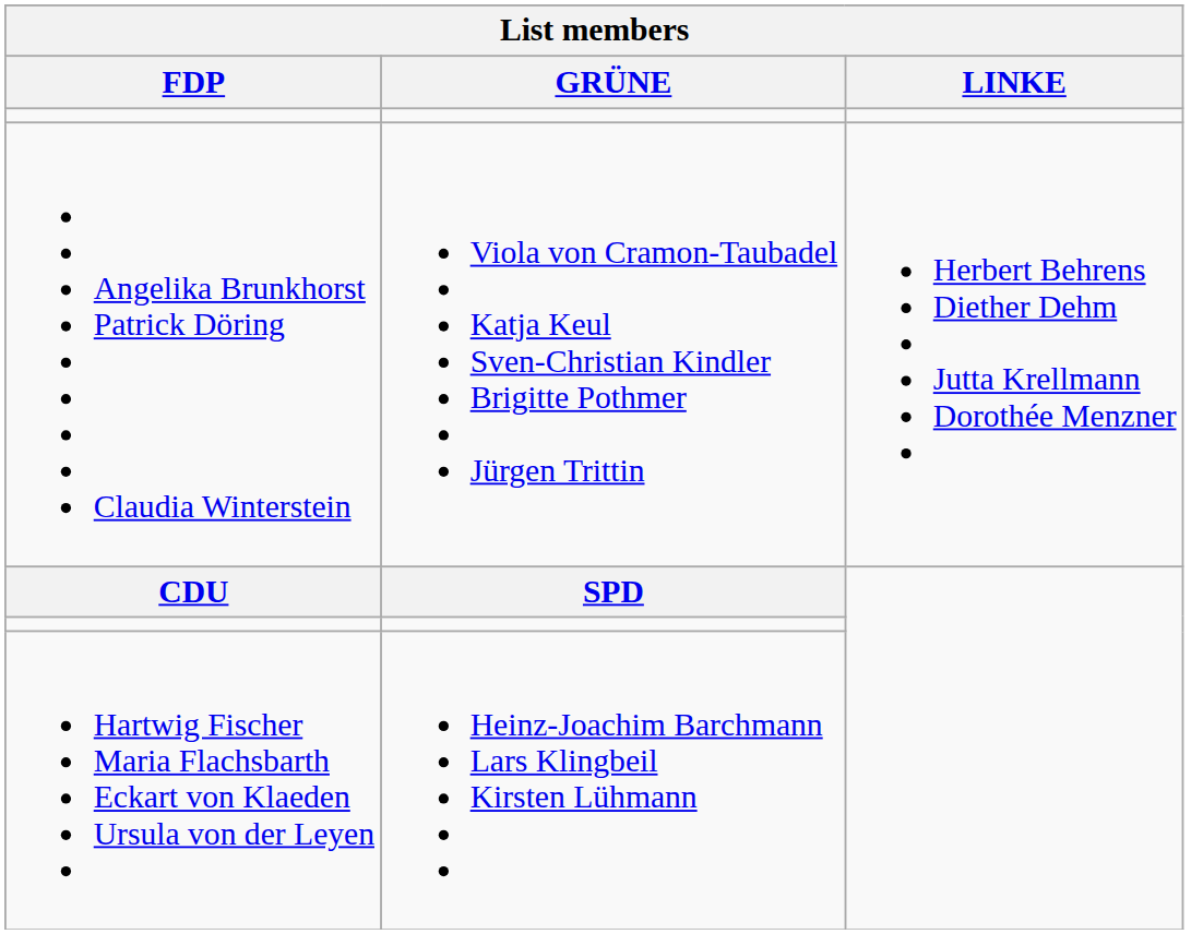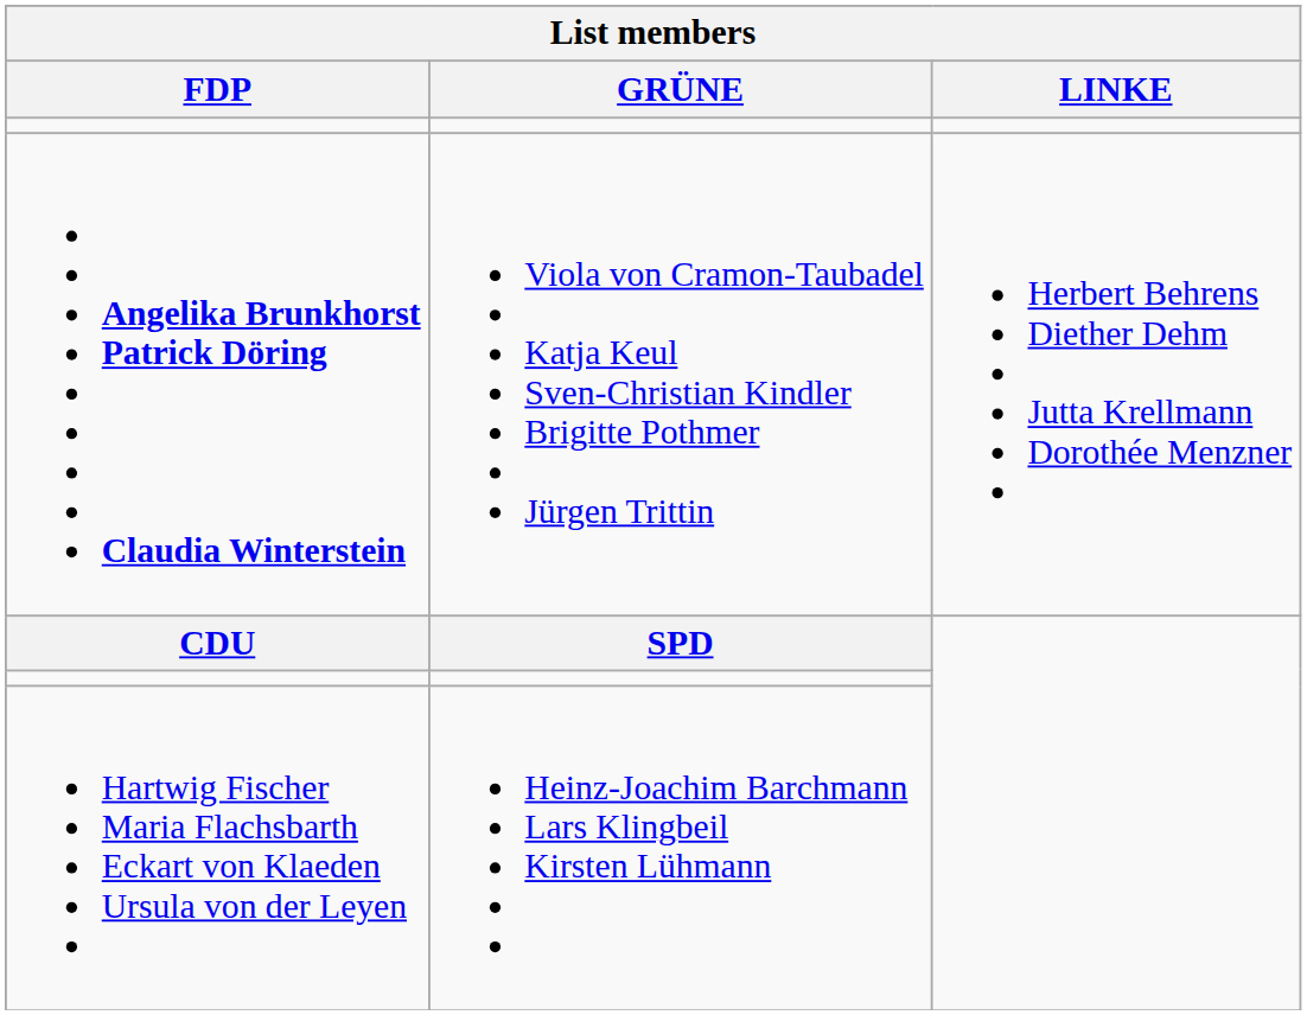 <table class=wikitable>
 <tr>
 <th colspan=4>List members</th>
 </tr>
 <tr>
 <th><a href='#'>FDP</a></th>
 <th><a href='#'>GRÜNE</a></th>
 <th><a href='#'>LINKE</a></th>
 </tr>
 <tr>
 <td bgcolor=></td>
 <td bgcolor=></td>
 <td bgcolor=></td>
 </tr>
 <tr>
-<td><br><ul><li></li><li></li><li><a href='#'>Angelika Brunkhorst</a></li><li><a href='#'>Patrick Döring</a></li><li></li><li></li><li></li><li></li><li><a href='#'>Claudia Winterstein</a></li></ul></td>
+<td><strong><br><ul><li></li><li></li><li><a href='#'>Angelika Brunkhorst</a></li><li><a href='#'>Patrick Döring</a></li><li></li><li></li><li></li><li></li><li><a href='#'>Claudia Winterstein</a></li></ul></strong></td>
 <td><br><ul><li><a href='#'>Viola von Cramon-Taubadel</a></li><li></li><li><a href='#'>Katja Keul</a></li><li><a href='#'>Sven-Christian Kindler</a></li><li><a href='#'>Brigitte Pothmer</a></li><li></li><li><a href='#'>Jürgen Trittin</a></li></ul></td>
 <td><br><ul><li><a href='#'>Herbert Behrens</a></li><li><a href='#'>Diether Dehm</a></li><li></li><li><a href='#'>Jutta Krellmann</a></li><li><a href='#'>Dorothée Menzner</a></li><li></li></ul></td>
 </tr>
 <tr>
 <th><a href='#'>CDU</a></th>
 <th><a href='#'>SPD</a></th>
 </tr>
 <tr>
 <td bgcolor=></td>
 <td bgcolor=></td>
 </tr>
 <tr>
 <td><br><ul><li><a href='#'>Hartwig Fischer</a></li><li><a href='#'>Maria Flachsbarth</a></li><li><a href='#'>Eckart von Klaeden</a></li><li><a href='#'>Ursula von der Leyen</a></li><li></li></ul></td>
 <td><br><ul><li><a href='#'>Heinz-Joachim Barchmann</a></li><li><a href='#'>Lars Klingbeil</a></li><li><a href='#'>Kirsten Lühmann</a></li><li></li><li></li></ul></td>
 </tr>
 </table>
